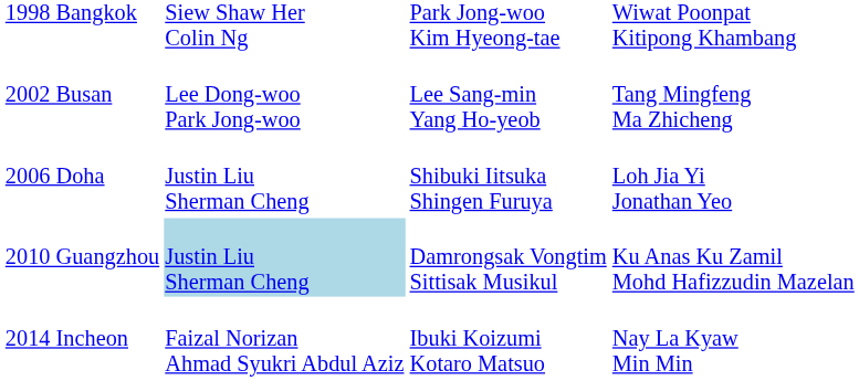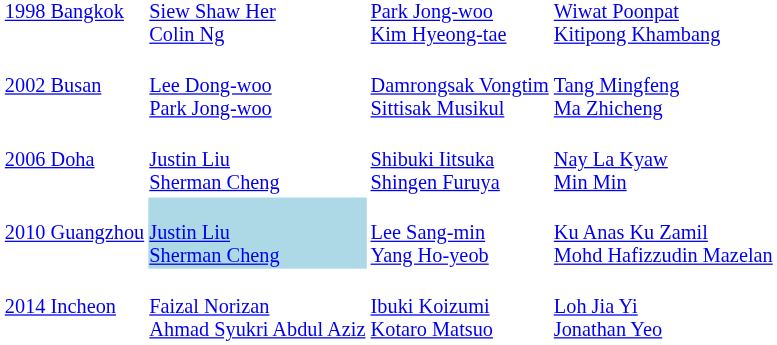 <table>
 <tr>
 <td><a href='#'>1998 Bangkok</a></td>
 <td><br><a href='#'>Siew Shaw Her</a><br><a href='#'>Colin Ng</a></td>
 <td><br><a href='#'>Park Jong-woo</a><br><a href='#'>Kim Hyeong-tae</a></td>
 <td><br><a href='#'>Wiwat Poonpat</a><br><a href='#'>Kitipong Khambang</a></td>
 </tr>
 <tr>
 <td><a href='#'>2002 Busan</a></td>
 <td><br><a href='#'>Lee Dong-woo</a><br><a href='#'>Park Jong-woo</a></td>
-<td><br><a href='#'>Lee Sang-min</a><br><a href='#'>Yang Ho-yeob</a></td>
+<td><br><a href='#'>Damrongsak Vongtim</a><br><a href='#'>Sittisak Musikul</a></td>
 <td><br><a href='#'>Tang Mingfeng</a><br><a href='#'>Ma Zhicheng</a></td>
 </tr>
 <tr>
 <td><a href='#'>2006 Doha</a></td>
 <td><br><a href='#'>Justin Liu</a><br><a href='#'>Sherman Cheng</a></td>
 <td><br><a href='#'>Shibuki Iitsuka</a><br><a href='#'>Shingen Furuya</a></td>
-<td><br><a href='#'>Loh Jia Yi</a><br><a href='#'>Jonathan Yeo</a></td>
+<td><br><a href='#'>Nay La Kyaw</a><br><a href='#'>Min Min</a></td>
 </tr>
 <tr>
 <td><a href='#'>2010 Guangzhou</a></td>
 <td style="background: lightblue;"><br><a href='#'>Justin Liu</a><br><a href='#'>Sherman Cheng</a></td>
-<td><br><a href='#'>Damrongsak Vongtim</a><br><a href='#'>Sittisak Musikul</a></td>
+<td><br><a href='#'>Lee Sang-min</a><br><a href='#'>Yang Ho-yeob</a></td>
 <td><br><a href='#'>Ku Anas Ku Zamil</a><br><a href='#'>Mohd Hafizzudin Mazelan</a></td>
 </tr>
 <tr>
 <td><a href='#'>2014 Incheon</a></td>
 <td><br><a href='#'>Faizal Norizan</a><br><a href='#'>Ahmad Syukri Abdul Aziz</a></td>
 <td><br><a href='#'>Ibuki Koizumi</a><br><a href='#'>Kotaro Matsuo</a></td>
-<td><br><a href='#'>Nay La Kyaw</a><br><a href='#'>Min Min</a></td>
+<td><br><a href='#'>Loh Jia Yi</a><br><a href='#'>Jonathan Yeo</a></td>
 </tr>
 </table>
